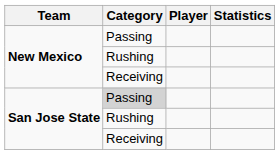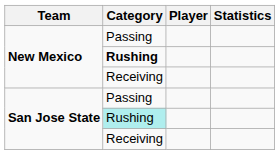 <table class="wikitable" style="float: right;">
 <tr>
 <th>Team</th>
 <th>Category</th>
 <th>Player</th>
 <th>Statistics</th>
 </tr>
 <tr>
 <td rowspan=3><strong>New Mexico</strong></td>
 <td>Passing</td>
 <td></td>
 <td></td>
 </tr>
 <tr>
-<td>Rushing</td>
+<td><strong>Rushing</strong></td>
 <td></td>
 <td></td>
 </tr>
 <tr>
 <td>Receiving</td>
 <td></td>
 <td></td>
 </tr>
 <tr>
 <td rowspan=3><strong>San Jose State</strong></td>
-<td style="background: lightgrey;">Passing</td>
+<td>Passing</td>
 <td></td>
 <td></td>
 </tr>
 <tr>
-<td>Rushing</td>
+<td style="background: paleturquoise;">Rushing</td>
 <td></td>
 <td></td>
 </tr>
 <tr>
 <td>Receiving</td>
 <td></td>
 <td></td>
 </tr>
 </table>
